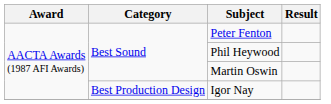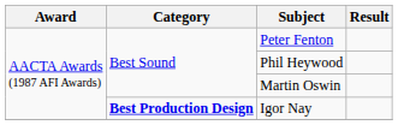 <table class="wikitable sortable plainrowheaders">
 <tr>
 <th>Award</th>
 <th>Category</th>
 <th>Subject</th>
 <th>Result</th>
 </tr>
 <tr>
 <td rowspan=4><a href='#'>AACTA Awards</a><br><small>(1987 AFI Awards)</small></td>
 <td rowspan=3><a href='#'>Best Sound</a></td>
 <td><a href='#'>Peter Fenton</a></td>
 <td></td>
 </tr>
 <tr>
 <td>Phil Heywood</td>
 <td></td>
 </tr>
 <tr>
 <td>Martin Oswin</td>
 <td></td>
 </tr>
 <tr>
-<td><a href='#'>Best Production Design</a></td>
+<td><strong><a href='#'>Best Production Design</a></strong></td>
 <td>Igor Nay</td>
 <td></td>
 </tr>
 <tr>
 </tr>
 </table>
